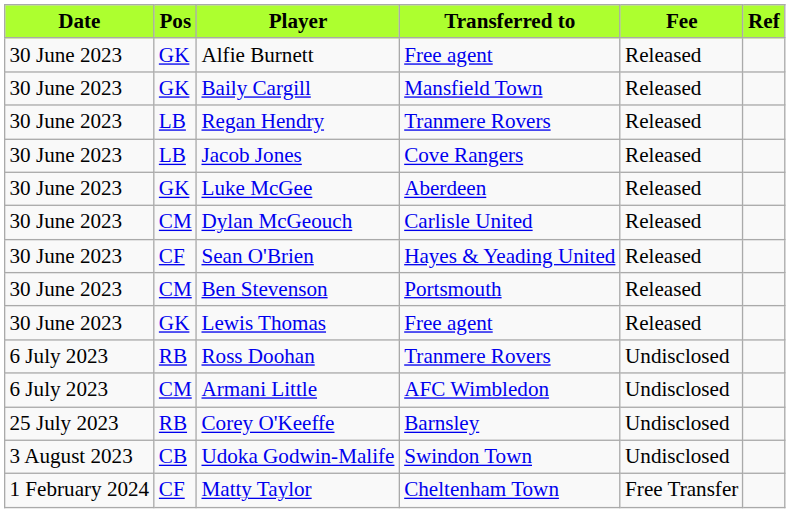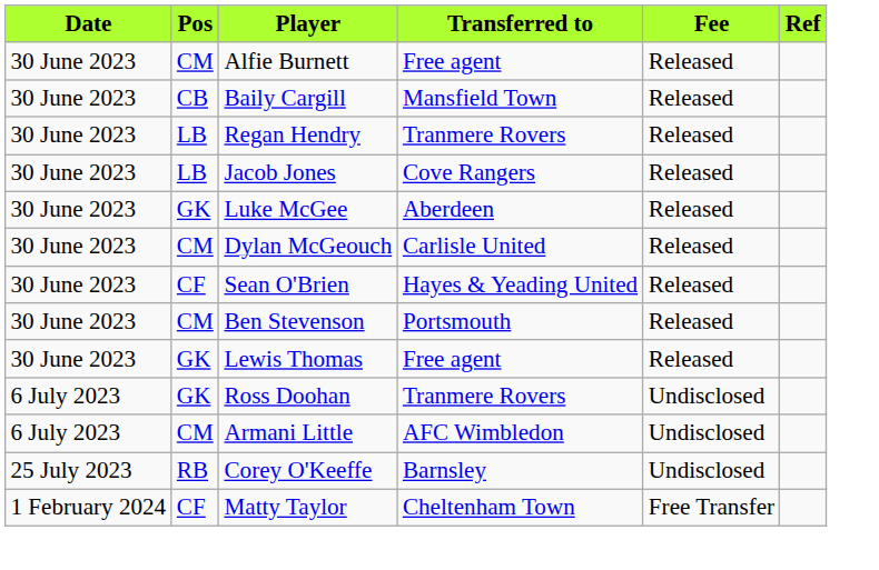 <table class="wikitable plainrowheaders sortable">
 <tr>
 <th style="background:#ADFF2F;color:black;">Date</th>
 <th style="background:#ADFF2F;color:black;">Pos</th>
 <th style="background:#ADFF2F;color:black;">Player</th>
 <th style="background:#ADFF2F;color:black;">Transferred to</th>
 <th style="background:#ADFF2F;color:black;">Fee</th>
 <th style="background:#ADFF2F;color:black;">Ref</th>
 </tr>
 <tr>
 <td>30 June 2023</td>
-<td><a href='#'>GK</a></td>
+<td><a href='#'>CM</a></td>
 <td> Alfie Burnett</td>
 <td> <a href='#'>Free agent</a></td>
 <td>Released</td>
 <td></td>
 </tr>
 <tr>
 <td>30 June 2023</td>
-<td><a href='#'>GK</a></td>
+<td><a href='#'>CB</a></td>
 <td> <a href='#'>Baily Cargill</a></td>
 <td> <a href='#'>Mansfield Town</a></td>
 <td>Released</td>
 <td></td>
 </tr>
 <tr>
 <td>30 June 2023</td>
 <td><a href='#'>LB</a></td>
 <td> <a href='#'>Regan Hendry</a></td>
 <td> <a href='#'>Tranmere Rovers</a></td>
 <td>Released</td>
 <td></td>
 </tr>
 <tr>
 <td>30 June 2023</td>
 <td><a href='#'>LB</a></td>
 <td> <a href='#'>Jacob Jones</a></td>
 <td> <a href='#'>Cove Rangers</a></td>
 <td>Released</td>
 <td></td>
 </tr>
 <tr>
 <td>30 June 2023</td>
 <td><a href='#'>GK</a></td>
 <td> <a href='#'>Luke McGee</a></td>
 <td> <a href='#'>Aberdeen</a></td>
 <td>Released</td>
 <td></td>
 </tr>
 <tr>
 <td>30 June 2023</td>
 <td><a href='#'>CM</a></td>
 <td> <a href='#'>Dylan McGeouch</a></td>
 <td> <a href='#'>Carlisle United</a></td>
 <td>Released</td>
 <td></td>
 </tr>
 <tr>
 <td>30 June 2023</td>
 <td><a href='#'>CF</a></td>
 <td> <a href='#'>Sean O'Brien</a></td>
 <td> <a href='#'>Hayes & Yeading United</a></td>
 <td>Released</td>
 <td></td>
 </tr>
 <tr>
 <td>30 June 2023</td>
 <td><a href='#'>CM</a></td>
 <td> <a href='#'>Ben Stevenson</a></td>
 <td> <a href='#'>Portsmouth</a></td>
 <td>Released</td>
 <td></td>
 </tr>
 <tr>
 <td>30 June 2023</td>
 <td><a href='#'>GK</a></td>
 <td> <a href='#'>Lewis Thomas</a></td>
 <td> <a href='#'>Free agent</a></td>
 <td>Released</td>
 <td></td>
 </tr>
 <tr>
 <td>6 July 2023</td>
-<td><a href='#'>RB</a></td>
+<td><a href='#'>GK</a></td>
 <td> <a href='#'>Ross Doohan</a></td>
 <td> <a href='#'>Tranmere Rovers</a></td>
 <td>Undisclosed</td>
 <td></td>
 </tr>
 <tr>
 <td>6 July 2023</td>
 <td><a href='#'>CM</a></td>
 <td> <a href='#'>Armani Little</a></td>
 <td> <a href='#'>AFC Wimbledon</a></td>
 <td>Undisclosed</td>
 <td></td>
 </tr>
 <tr>
 <td>25 July 2023</td>
 <td><a href='#'>RB</a></td>
 <td> <a href='#'>Corey O'Keeffe</a></td>
 <td> <a href='#'>Barnsley</a></td>
 <td>Undisclosed</td>
 <td></td>
 </tr>
 <tr>
-<td>3 August 2023</td>
-<td><a href='#'>CB</a></td>
-<td> <a href='#'>Udoka Godwin-Malife</a></td>
-<td> <a href='#'>Swindon Town</a></td>
-<td>Undisclosed</td>
-<td></td>
-</tr>
-<tr>
 <td>1 February 2024</td>
 <td><a href='#'>CF</a></td>
 <td> <a href='#'>Matty Taylor</a></td>
 <td> <a href='#'>Cheltenham Town</a></td>
 <td>Free Transfer</td>
 <td></td>
 </tr>
 </table>
